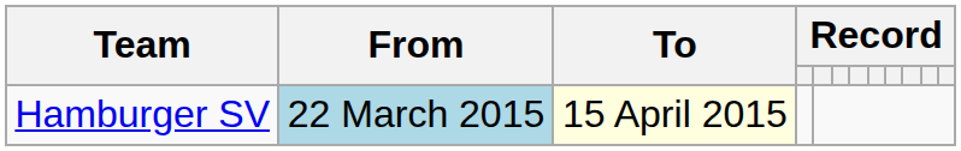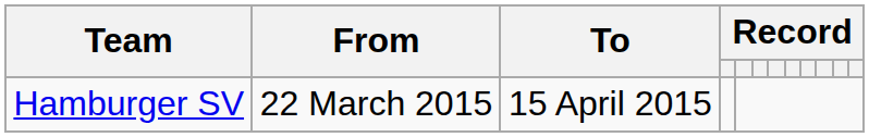 <table class="wikitable" style="text-align: center">
 <tr>
 <th rowspan="2">Team</th>
 <th rowspan="2">From</th>
 <th rowspan="2">To</th>
 <th colspan="9">Record</th>
 </tr>
 <tr>
 <th></th>
 <th></th>
 <th></th>
 <th></th>
 <th></th>
 <th></th>
 <th></th>
 <th></th>
 <th></th>
 </tr>
 <tr>
 <td><a href='#'>Hamburger SV</a></td>
-<td style="background: lightblue;">22 March 2015</td>
-<td style="background: lightyellow;">15 April 2015<br></td>
+<td>22 March 2015</td>
+<td>15 April 2015<br></td>
 <td></td>
 </tr>
 </table>
